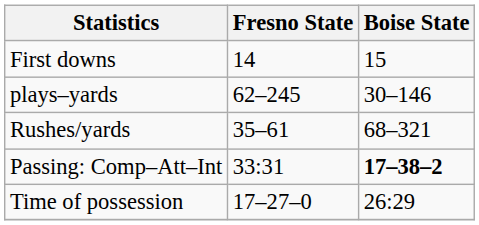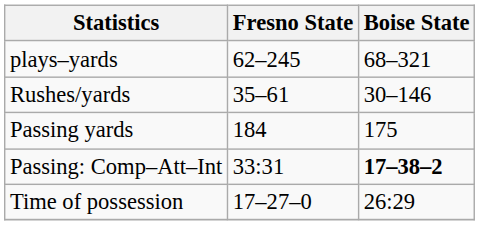 <table class="wikitable" style="float: left;">
 <tr>
 <th>Statistics</th>
 <th>Fresno State</th>
 <th>Boise State</th>
 </tr>
 <tr>
-<td>First downs</td>
-<td>14</td>
-<td>15</td>
-</tr>
-<tr>
 <td>plays–yards</td>
 <td>62–245</td>
-<td>30–146</td>
+<td>68–321</td>
 </tr>
 <tr>
 <td>Rushes/yards</td>
 <td>35–61</td>
-<td>68–321</td>
+<td>30–146</td>
+</tr>
+<tr>
+<td>Passing yards</td>
+<td>184</td>
+<td>175</td>
 </tr>
 <tr>
 <td>Passing: Comp–Att–Int</td>
 <td>33:31</td>
 <td><strong>17–38–2</strong></td>
 </tr>
 <tr>
 <td>Time of possession</td>
 <td>17–27–0</td>
 <td>26:29</td>
 </tr>
 <tr>
 </tr>
 </table>
